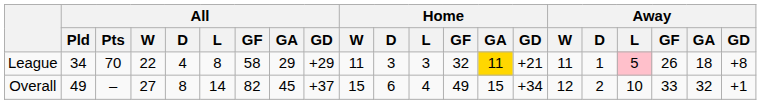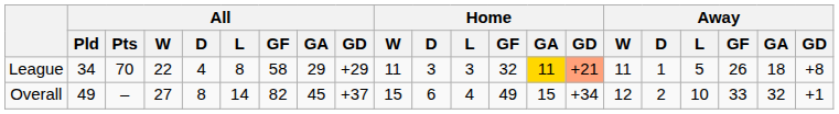 <table class="wikitable" style="text-align:center">
 <tr>
 <th rowspan=2></th>
 <th colspan=8>All</th>
 <th colspan=6>Home</th>
 <th colspan=6>Away</th>
 </tr>
 <tr>
 <th width=30>Pld</th>
 <th width=30>Pts</th>
 <th width=30>W</th>
 <th width=30>D</th>
 <th width=30>L</th>
 <th width=30>GF</th>
 <th width=30>GA</th>
 <th width=30>GD</th>
 <th width=30>W</th>
 <th width=30>D</th>
 <th width=30>L</th>
 <th width=30>GF</th>
 <th width=30>GA</th>
 <th width=30>GD</th>
 <th width=30>W</th>
 <th width=30>D</th>
 <th width=30>L</th>
 <th width=30>GF</th>
 <th width=30>GA</th>
 <th width=30>GD</th>
 </tr>
 <tr>
 <td>League</td>
 <td>34</td>
 <td>70</td>
 <td>22</td>
 <td>4</td>
 <td>8</td>
 <td>58</td>
 <td>29</td>
 <td>+29</td>
 <td>11</td>
 <td>3</td>
 <td>3</td>
 <td>32</td>
 <td style="background: gold;">11</td>
-<td>+21</td>
+<td style="background: lightsalmon;">+21</td>
 <td>11</td>
 <td>1</td>
-<td style="background: pink;">5</td>
+<td>5</td>
 <td>26</td>
 <td>18</td>
 <td>+8</td>
 </tr>
 <tr>
 <td>Overall</td>
 <td>49</td>
 <td>–</td>
 <td>27</td>
 <td>8</td>
 <td>14</td>
 <td>82</td>
 <td>45</td>
 <td>+37</td>
 <td>15</td>
 <td>6</td>
 <td>4</td>
 <td>49</td>
 <td>15</td>
 <td>+34</td>
 <td>12</td>
 <td>2</td>
 <td>10</td>
 <td>33</td>
 <td>32</td>
 <td>+1</td>
 </tr>
 </table>
